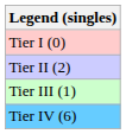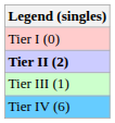 <table class="wikitable sortable mw-collapsible mw-collapsed">
 <tr>
 <th>Legend (singles)</th>
 </tr>
 <tr style="background:#fcc;">
 <td>Tier I (0)</td>
 </tr>
 <tr style="background:#ccf;">
-<td>Tier II (2)</td>
+<td><strong>Tier II (2)</strong></td>
 </tr>
 <tr style="background:#cfc;">
 <td>Tier III (1)</td>
 </tr>
 <tr style="background:#6cf;">
 <td>Tier IV (6)</td>
 </tr>
 </table>
